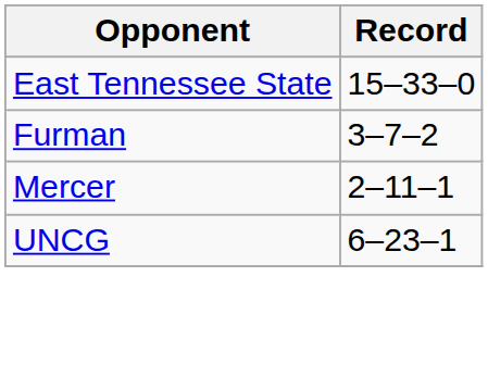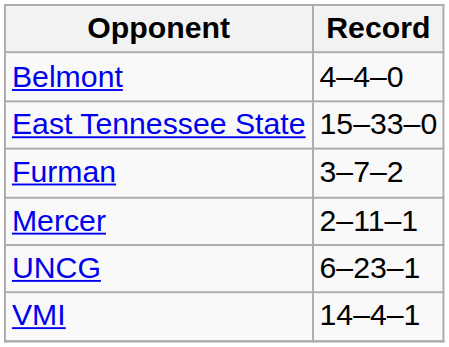 <table class= wikitable>
 <tr>
 <th width=px>Opponent</th>
 <th width=px>Record</th>
+</tr>
+<tr>
+<td><a href='#'>Belmont</a></td>
+<td>4–4–0</td>
 </tr>
 <tr>
 <td><a href='#'>East Tennessee State</a></td>
 <td>15–33–0</td>
 </tr>
 <tr>
 <td><a href='#'>Furman</a></td>
 <td>3–7–2</td>
 </tr>
 <tr>
 <td><a href='#'>Mercer</a></td>
 <td>2–11–1</td>
 </tr>
 <tr>
 <td><a href='#'>UNCG</a></td>
 <td>6–23–1</td>
 </tr>
 <tr>
+<td><a href='#'>VMI</a></td>
+<td>14–4–1</td>
+</tr>
+<tr>
 </tr>
 </table>
